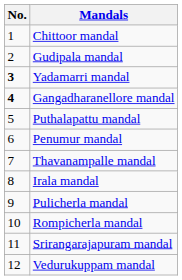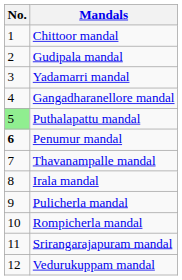 <table class="wikitable">
 <tr>
 <th>No.</th>
 <th><a href='#'>Mandals</a></th>
 </tr>
 <tr>
 <td>1</td>
 <td><a href='#'>Chittoor mandal</a></td>
 </tr>
 <tr>
 <td>2</td>
 <td><a href='#'>Gudipala mandal</a></td>
 </tr>
 <tr>
-<td><strong>3</strong></td>
+<td>3</td>
 <td><a href='#'>Yadamarri mandal</a></td>
 </tr>
 <tr>
-<td><strong>4</strong></td>
+<td>4</td>
 <td><a href='#'>Gangadharanellore mandal</a></td>
 </tr>
 <tr>
-<td>5</td>
+<td style="background: lightgreen;">5</td>
 <td><a href='#'>Puthalapattu mandal</a></td>
 </tr>
 <tr>
-<td>6</td>
+<td><strong>6</strong></td>
 <td><a href='#'>Penumur mandal</a></td>
 </tr>
 <tr>
 <td>7</td>
 <td><a href='#'>Thavanampalle mandal</a></td>
 </tr>
 <tr>
 <td>8</td>
 <td><a href='#'>Irala mandal</a></td>
 </tr>
 <tr>
 <td>9</td>
 <td><a href='#'>Pulicherla mandal</a></td>
 </tr>
 <tr>
 <td>10</td>
 <td><a href='#'>Rompicherla mandal</a></td>
 </tr>
 <tr>
 <td>11</td>
 <td><a href='#'>Srirangarajapuram mandal</a></td>
 </tr>
 <tr>
 <td>12</td>
 <td><a href='#'>Vedurukuppam mandal</a></td>
 </tr>
 </table>
